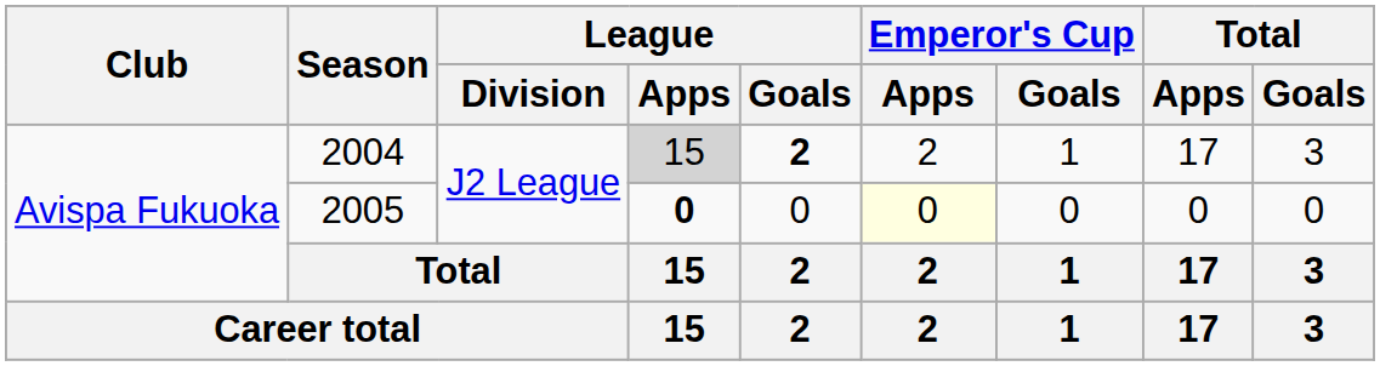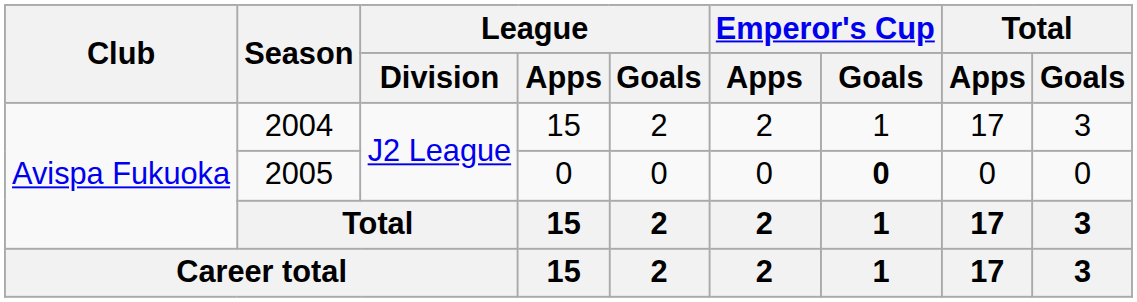 <table class="wikitable" style="text-align:center;">
 <tr>
 <th rowspan="2">Club</th>
 <th rowspan="2">Season</th>
 <th colspan="3">League</th>
 <th colspan="2"><a href='#'>Emperor's Cup</a></th>
 <th colspan="2">Total</th>
 </tr>
 <tr>
 <th>Division</th>
 <th>Apps</th>
 <th>Goals</th>
 <th>Apps</th>
 <th>Goals</th>
 <th>Apps</th>
 <th>Goals</th>
 </tr>
 <tr>
 <td rowspan="3"><a href='#'>Avispa Fukuoka</a></td>
 <td>2004</td>
 <td rowspan="2"><a href='#'>J2 League</a></td>
-<td style="background: lightgrey;">15</td>
-<td><strong>2</strong></td>
+<td>15</td>
+<td>2</td>
 <td>2</td>
 <td>1</td>
 <td>17</td>
 <td>3</td>
 </tr>
 <tr>
 <td>2005</td>
+<td>0</td>
+<td>0</td>
+<td>0</td>
 <td><strong>0</strong></td>
-<td>0</td>
-<td style="background: lightyellow;">0</td>
-<td>0</td>
 <td>0</td>
 <td>0</td>
 </tr>
 <tr>
 <th colspan="2" rowspan="1">Total</th>
 <th>15</th>
 <th>2</th>
 <th>2</th>
 <th>1</th>
 <th>17</th>
 <th>3</th>
 </tr>
 <tr>
 <th colspan="3">Career total</th>
 <th>15</th>
 <th>2</th>
 <th>2</th>
 <th>1</th>
 <th>17</th>
 <th>3</th>
 </tr>
 </table>
